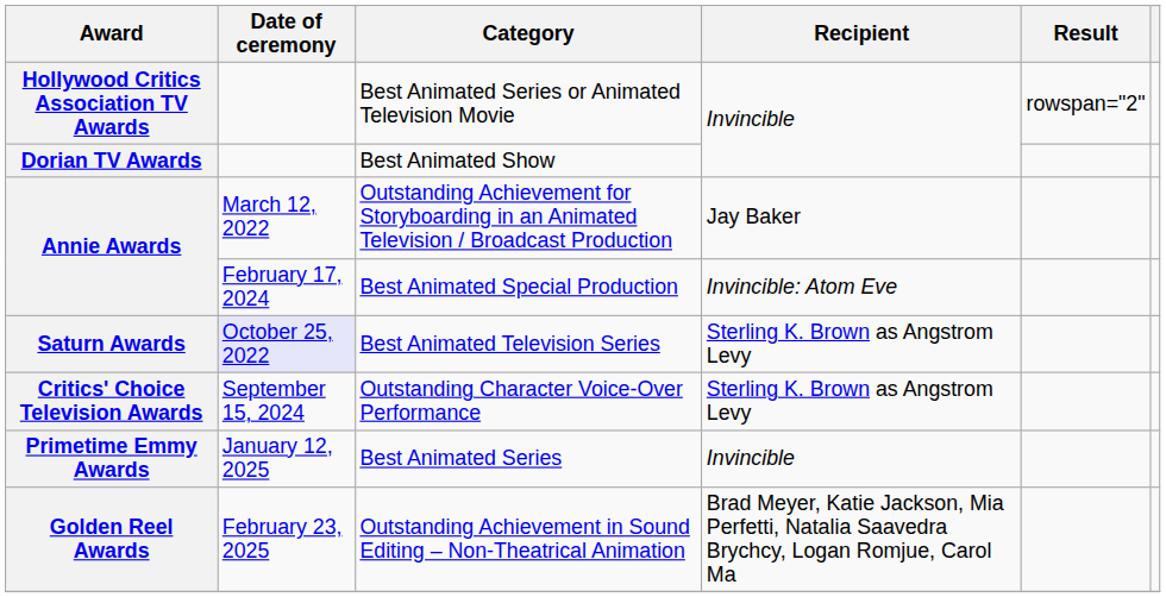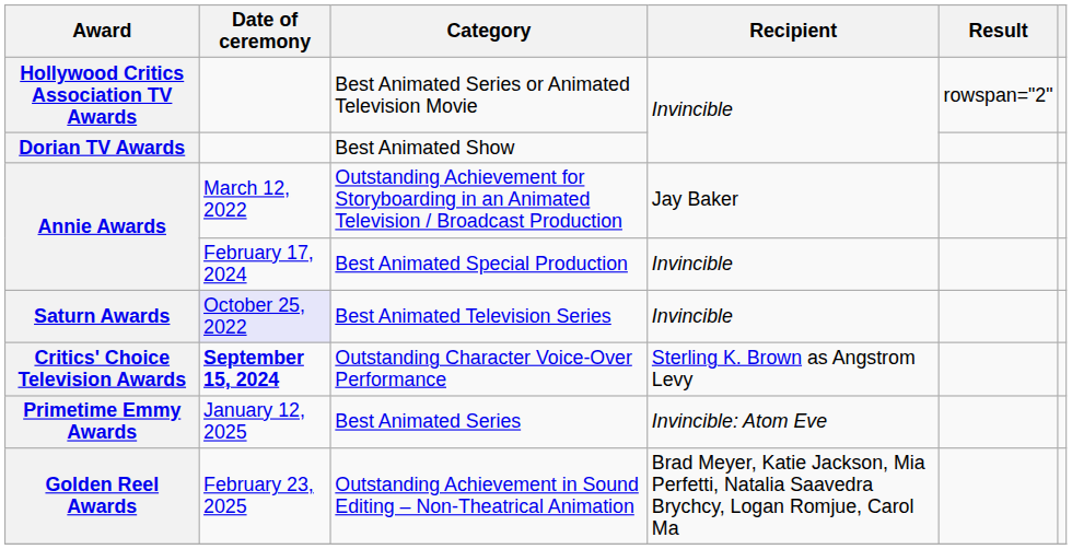 <table class="wikitable plainrowheaders sortable defaultcenter" style="width: 99%;">
 <tr>
 <th scope="col">Award</th>
 <th scope="col">Date of ceremony</th>
 <th scope="col">Category</th>
 <th scope="col">Recipient</th>
 <th scope="col">Result</th>
 <th scope="col" class="unsortable"></th>
 </tr>
 <tr>
 <th scope="row"><a href='#'>Hollywood Critics Association TV Awards</a></th>
 <td></td>
 <td>Best Animated Series or Animated Television Movie</td>
 <td rowspan="2"><em>Invincible</em></td>
 <td>rowspan="2" </td>
 <td></td>
 </tr>
 <tr>
 <th scope="row"><a href='#'>Dorian TV Awards</a></th>
 <td></td>
 <td>Best Animated Show</td>
 <td></td>
 </tr>
 <tr>
 <th rowspan="2" scope="row"><a href='#'>Annie Awards</a></th>
 <td><a href='#'>March 12, 2022</a></td>
 <td><a href='#'>Outstanding Achievement for Storyboarding in an Animated Television / Broadcast Production</a></td>
 <td>Jay Baker </td>
 <td></td>
 <td></td>
 </tr>
 <tr>
 <td><a href='#'>February 17, 2024</a></td>
 <td><a href='#'>Best Animated Special Production</a></td>
-<td><em>Invincible: Atom Eve</em></td>
+<td><em>Invincible</em></td>
 <td></td>
 <td></td>
 </tr>
 <tr>
 <th scope="row"><a href='#'>Saturn Awards</a></th>
 <td style="background: lavender;"><a href='#'>October 25, 2022</a></td>
 <td><a href='#'>Best Animated Television Series</a></td>
-<td><a href='#'>Sterling K. Brown</a> as Angstrom Levy </td>
+<td><em>Invincible</em></td>
 <td></td>
 <td></td>
 </tr>
 <tr>
 <th scope="row"><a href='#'>Critics' Choice Television Awards</a></th>
-<td><a href='#'>September 15, 2024</a></td>
+<td><strong><a href='#'>September 15, 2024</a></strong></td>
 <td><a href='#'>Outstanding Character Voice-Over Performance</a></td>
 <td><a href='#'>Sterling K. Brown</a> as Angstrom Levy </td>
 <td></td>
 <td></td>
 </tr>
 <tr>
 <th scope="row"><a href='#'>Primetime Emmy Awards</a></th>
 <td rowspan="1"><a href='#'>January 12, 2025</a></td>
 <td><a href='#'>Best Animated Series</a></td>
-<td><em>Invincible</em></td>
+<td><em>Invincible: Atom Eve</em></td>
 <td></td>
 <td align="center" rowspan="1"></td>
 </tr>
 <tr>
 <th scope="row"><a href='#'>Golden Reel Awards</a></th>
 <td><a href='#'>February 23, 2025</a></td>
 <td><a href='#'>Outstanding Achievement in Sound Editing – Non-Theatrical Animation</a></td>
 <td>Brad Meyer, Katie Jackson, Mia Perfetti, Natalia Saavedra Brychcy, Logan Romjue, Carol Ma </td>
 <td></td>
 <td align="center"></td>
 </tr>
 <tr>
 </tr>
 </table>
